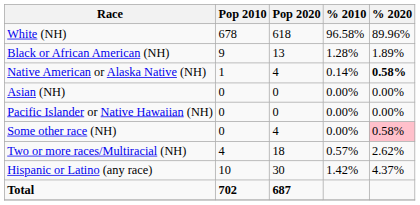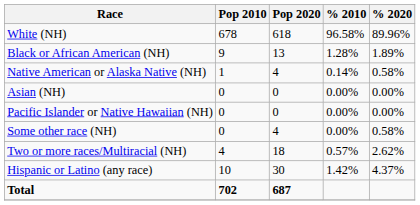 <table class="wikitable">
 <tr>
 <th>Race</th>
 <th>Pop 2010</th>
 <th>Pop 2020</th>
 <th>% 2010</th>
 <th>% 2020</th>
 </tr>
 <tr>
 <td><a href='#'>White</a> (NH)</td>
 <td>678</td>
 <td>618</td>
 <td>96.58%</td>
 <td>89.96%</td>
 </tr>
 <tr>
 <td><a href='#'>Black or African American</a> (NH)</td>
 <td>9</td>
 <td>13</td>
 <td>1.28%</td>
 <td>1.89%</td>
 </tr>
 <tr>
 <td><a href='#'>Native American</a> or <a href='#'>Alaska Native</a> (NH)</td>
 <td>1</td>
 <td>4</td>
 <td>0.14%</td>
-<td><strong>0.58%</strong></td>
+<td>0.58%</td>
 </tr>
 <tr>
 <td><a href='#'>Asian</a> (NH)</td>
 <td>0</td>
 <td>0</td>
 <td>0.00%</td>
 <td>0.00%</td>
 </tr>
 <tr>
 <td><a href='#'>Pacific Islander</a> or <a href='#'>Native Hawaiian</a> (NH)</td>
 <td>0</td>
 <td>0</td>
 <td>0.00%</td>
 <td>0.00%</td>
 </tr>
 <tr>
 <td><a href='#'>Some other race</a> (NH)</td>
 <td>0</td>
 <td>4</td>
 <td>0.00%</td>
-<td style="background: pink;">0.58%</td>
+<td>0.58%</td>
 </tr>
 <tr>
 <td><a href='#'>Two or more races/Multiracial</a> (NH)</td>
 <td>4</td>
 <td>18</td>
 <td>0.57%</td>
 <td>2.62%</td>
 </tr>
 <tr>
 <td><a href='#'>Hispanic or Latino</a> (any race)</td>
 <td>10</td>
 <td>30</td>
 <td>1.42%</td>
 <td>4.37%</td>
 </tr>
 <tr>
 <td><strong>Total</strong></td>
 <td><strong>702</strong></td>
 <td><strong>687</strong></td>
 <td></td>
 <td></td>
 </tr>
 <tr>
 </tr>
 </table>
